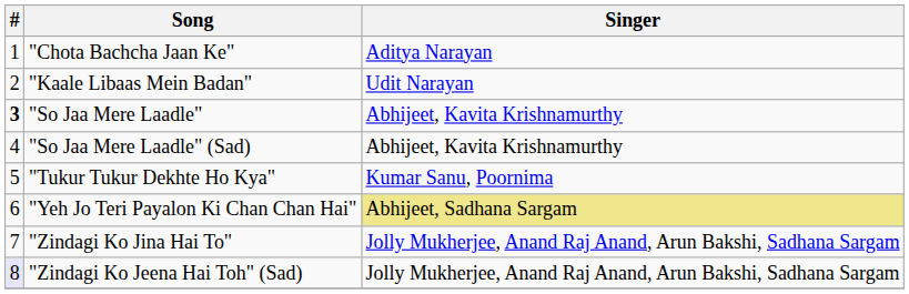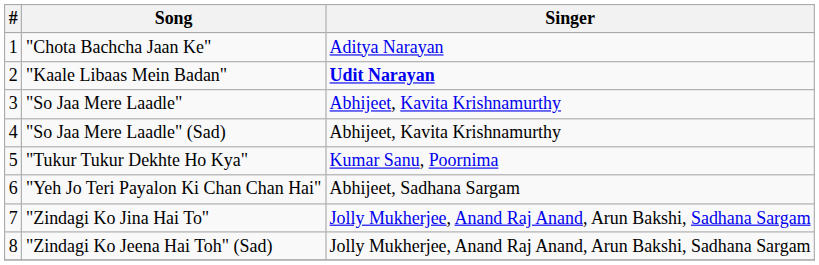 <table class="wikitable sortable">
 <tr>
 <th>#</th>
 <th>Song</th>
 <th>Singer</th>
 </tr>
 <tr>
 <td>1</td>
 <td>"Chota Bachcha Jaan Ke"</td>
 <td><a href='#'>Aditya Narayan</a></td>
 </tr>
 <tr>
 <td>2</td>
 <td>"Kaale Libaas Mein Badan"</td>
-<td><a href='#'>Udit Narayan</a></td>
+<td><strong><a href='#'>Udit Narayan</a></strong></td>
 </tr>
 <tr>
-<td><strong>3</strong></td>
+<td>3</td>
 <td>"So Jaa Mere Laadle"</td>
 <td><a href='#'>Abhijeet</a>, <a href='#'>Kavita Krishnamurthy</a></td>
 </tr>
 <tr>
 <td>4</td>
 <td>"So Jaa Mere Laadle" (Sad)</td>
 <td>Abhijeet, Kavita Krishnamurthy</td>
 </tr>
 <tr>
 <td>5</td>
 <td>"Tukur Tukur Dekhte Ho Kya"</td>
 <td><a href='#'>Kumar Sanu</a>, <a href='#'>Poornima</a></td>
 </tr>
 <tr>
 <td>6</td>
 <td>"Yeh Jo Teri Payalon Ki Chan Chan Hai"</td>
-<td style="background: khaki;">Abhijeet, Sadhana Sargam</td>
+<td>Abhijeet, Sadhana Sargam</td>
 </tr>
 <tr>
 <td>7</td>
 <td>"Zindagi Ko Jina Hai To"</td>
 <td><a href='#'>Jolly Mukherjee</a>, <a href='#'>Anand Raj Anand</a>, Arun Bakshi, <a href='#'>Sadhana Sargam</a></td>
 </tr>
 <tr>
-<td style="background: lavender;">8</td>
+<td>8</td>
 <td>"Zindagi Ko Jeena Hai Toh" (Sad)</td>
 <td>Jolly Mukherjee, Anand Raj Anand, Arun Bakshi, Sadhana Sargam</td>
 </tr>
 <tr>
 </tr>
 </table>
